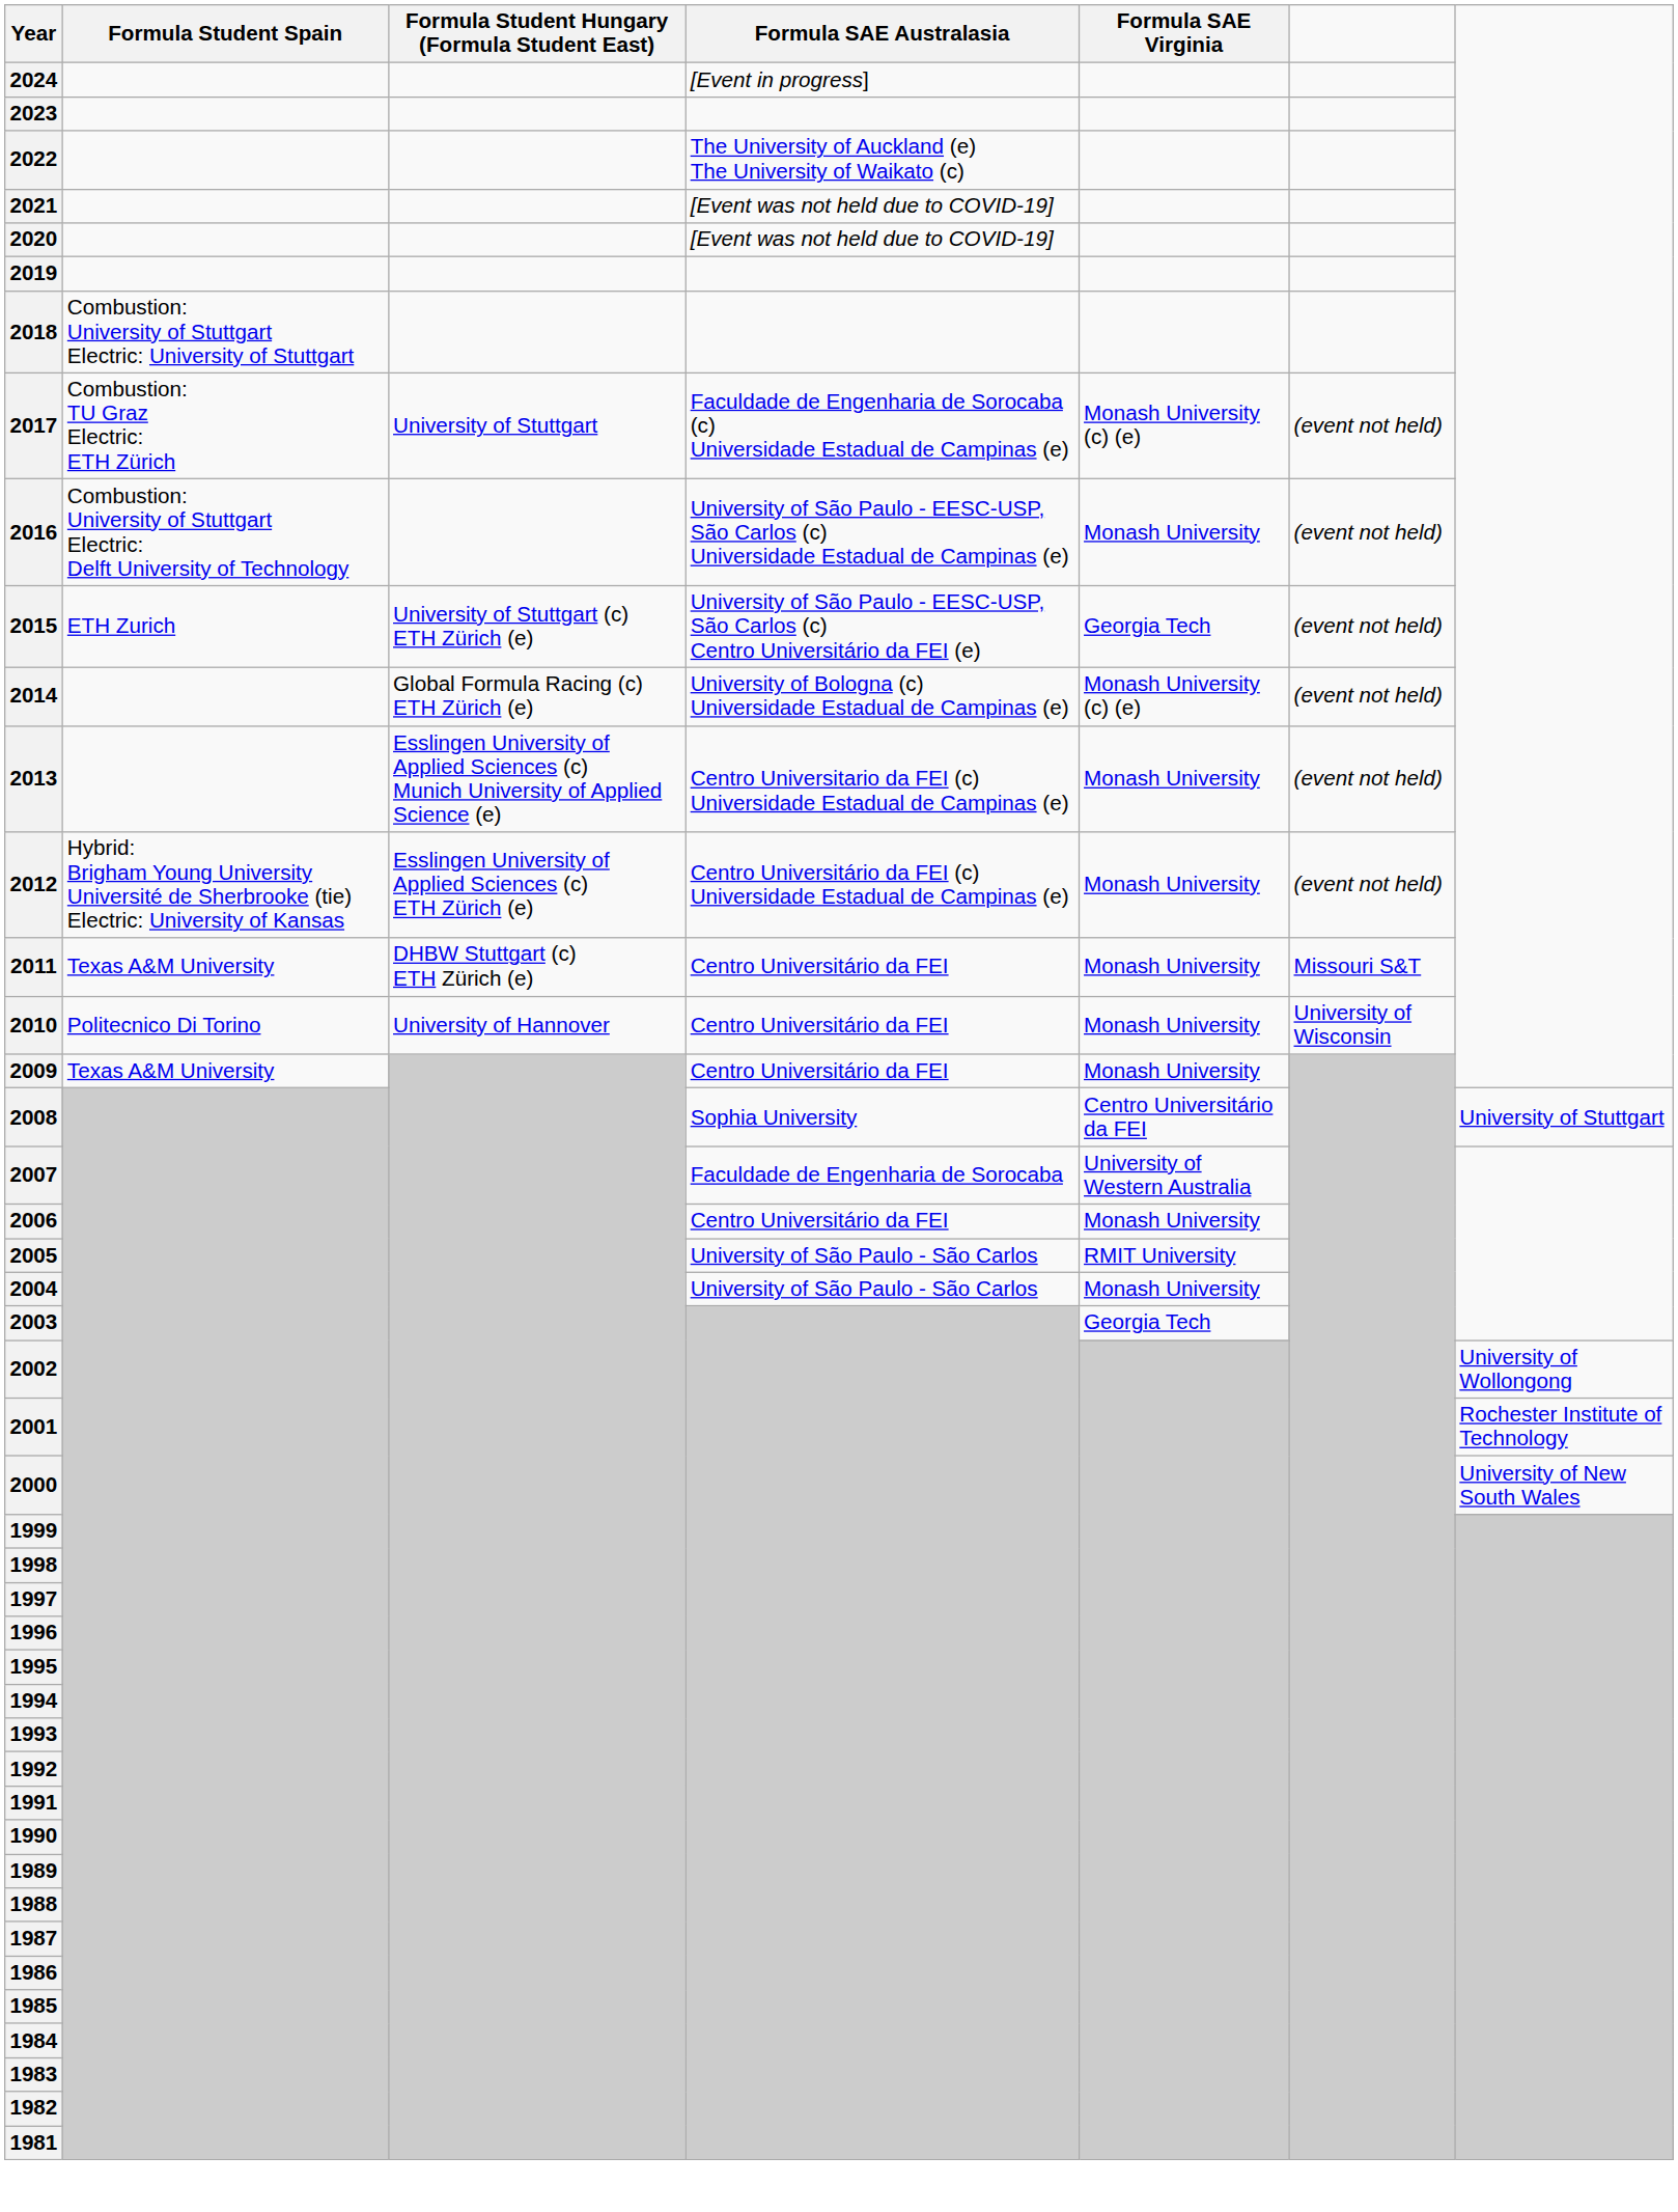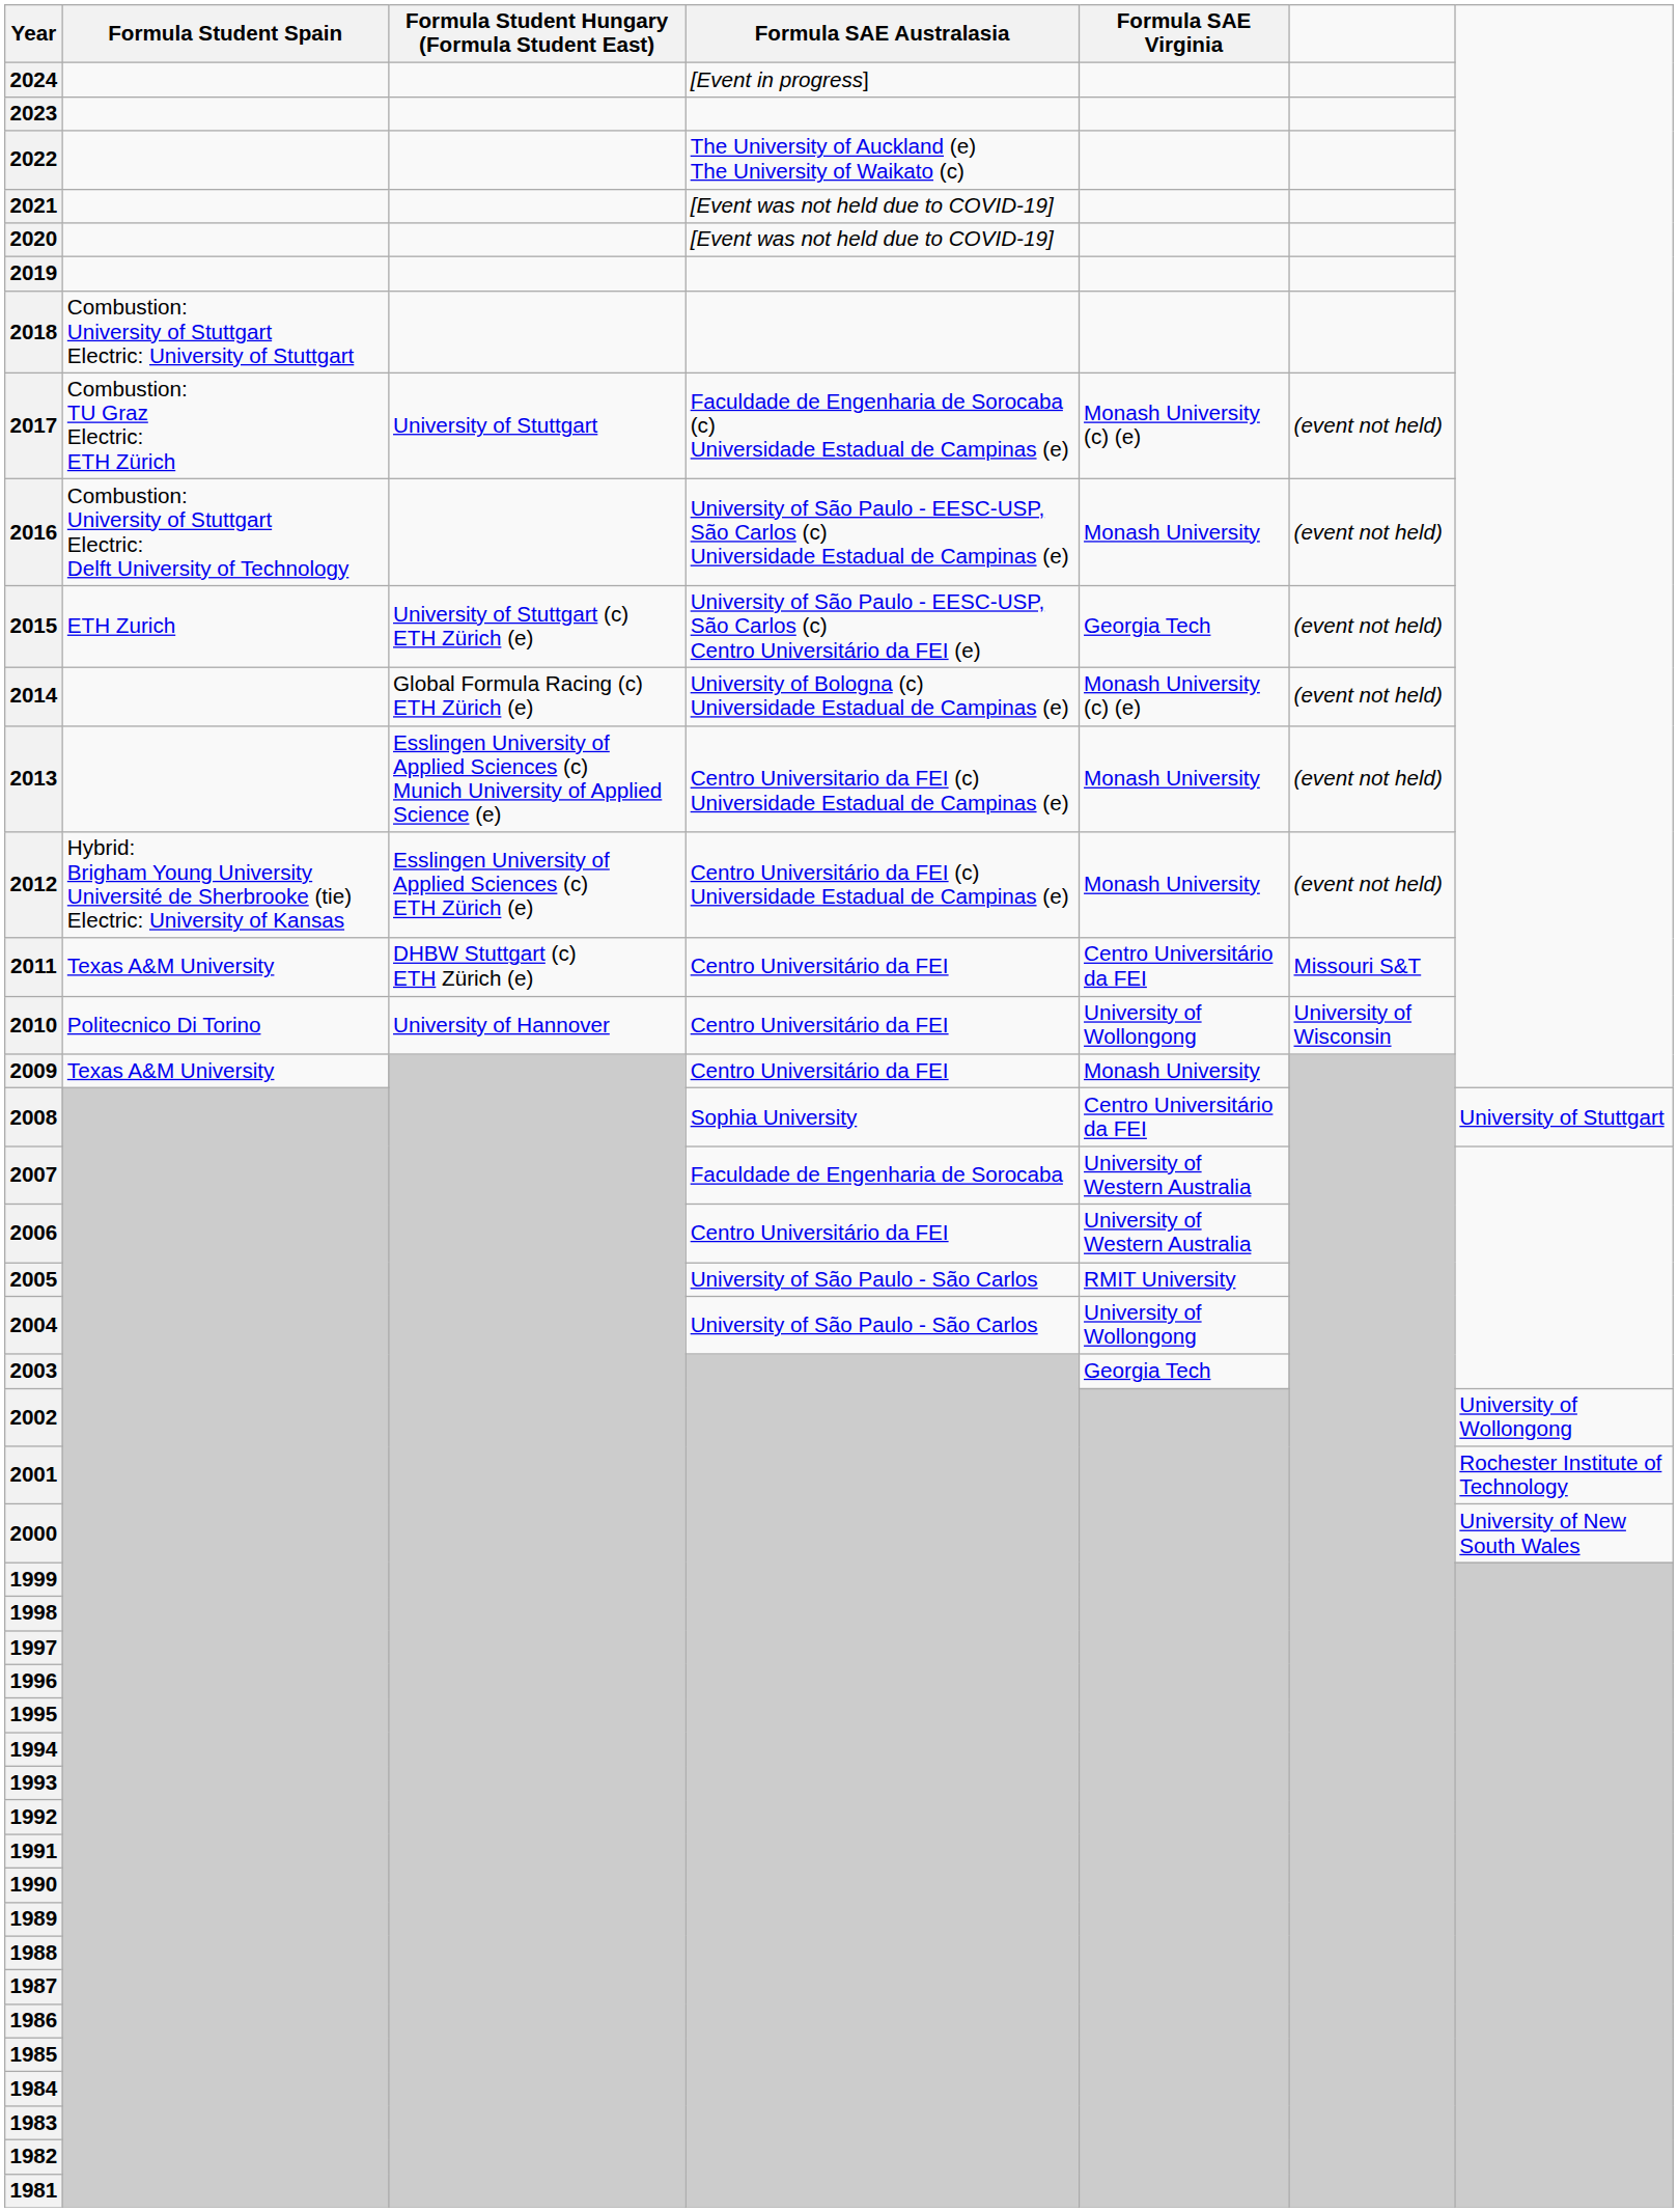 <table class="wikitable">
 <tr>
 <th>Year</th>
 <th> Formula Student Spain</th>
 <th> Formula Student Hungary (Formula Student East)</th>
 <th> Formula SAE Australasia</th>
 <th> Formula SAE Virginia</th>
 <td></td>
 </tr>
 <tr>
 <th>2024</th>
 <td></td>
 <td></td>
 <td><em>[Event in progress</em>]</td>
 <td></td>
 <td></td>
 </tr>
 <tr>
 <th>2023</th>
 <td></td>
 <td></td>
 <td></td>
 <td></td>
 <td></td>
 </tr>
 <tr>
 <th>2022</th>
 <td></td>
 <td></td>
 <td><a href='#'>The University of Auckland</a> (e)<br><a href='#'>The University of Waikato</a> (c)</td>
 <td></td>
 <td></td>
 </tr>
 <tr>
 <th>2021</th>
 <td></td>
 <td></td>
 <td><em>[Event was not held due to COVID-19]</em></td>
 <td></td>
 <td></td>
 </tr>
 <tr>
 <th>2020</th>
 <td></td>
 <td></td>
 <td><em>[Event was not held due to COVID-19]</em></td>
 <td></td>
 <td></td>
 </tr>
 <tr>
 <th>2019</th>
 <td></td>
 <td></td>
 <td></td>
 <td></td>
 <td></td>
 </tr>
 <tr>
 <th>2018</th>
 <td>Combustion:<br> <a href='#'>University of Stuttgart</a><br>Electric:  <a href='#'>University of Stuttgart</a></td>
 <td></td>
 <td></td>
 <td></td>
 <td></td>
 </tr>
 <tr>
 <th>2017</th>
 <td>Combustion:<br> <a href='#'>TU Graz</a><br>Electric:<br> <a href='#'>ETH Zürich</a></td>
 <td> <a href='#'>University of Stuttgart</a></td>
 <td> <a href='#'>Faculdade de Engenharia de Sorocaba</a> (c)<br> <a href='#'>Universidade Estadual de Campinas</a> (e)</td>
 <td> <a href='#'>Monash University</a> (c) (e)</td>
 <td><em>(event not held)</em></td>
 </tr>
 <tr>
 <th>2016</th>
 <td>Combustion:<br> <a href='#'>University of Stuttgart</a><br>Electric:<br> <a href='#'>Delft University of Technology</a></td>
 <td></td>
 <td> <a href='#'>University of São Paulo - EESC-USP, São Carlos</a> (c)<br> <a href='#'>Universidade Estadual de Campinas</a> (e)</td>
 <td> <a href='#'>Monash University</a></td>
 <td><em>(event not held)</em></td>
 </tr>
 <tr>
 <th>2015</th>
 <td> <a href='#'>ETH Zurich</a></td>
 <td> <a href='#'>University of Stuttgart</a> (c)<br> <a href='#'>ETH Zürich</a> (e)</td>
 <td> <a href='#'>University of São Paulo - EESC-USP, São Carlos</a> (c)<br> <a href='#'>Centro Universitário da FEI</a> (e)</td>
 <td> <a href='#'>Georgia Tech</a></td>
 <td><em>(event not held)</em></td>
 </tr>
 <tr>
 <th>2014</th>
 <td></td>
 <td>  Global Formula Racing (c)<br> <a href='#'>ETH Zürich</a> (e)</td>
 <td> <a href='#'>University of Bologna</a> (c)<br> <a href='#'>Universidade Estadual de Campinas</a> (e)</td>
 <td> <a href='#'>Monash University</a> (c) (e)</td>
 <td><em>(event not held)</em></td>
 </tr>
 <tr>
 <th>2013</th>
 <td></td>
 <td> <a href='#'>Esslingen University of Applied Sciences</a> (c)<br> <a href='#'>Munich University of Applied Science</a> (e)</td>
 <td><br> <a href='#'>Centro Universitario da FEI</a> (c)  <a href='#'>Universidade Estadual de Campinas</a> (e)</td>
 <td> <a href='#'>Monash University</a></td>
 <td><em>(event not held)</em></td>
 </tr>
 <tr>
 <th>2012</th>
 <td>Hybrid:<br> <a href='#'>Brigham Young University</a>  <a href='#'>Université de Sherbrooke</a> (tie)<br>Electric:  <a href='#'>University of Kansas</a></td>
 <td> <a href='#'>Esslingen University of Applied Sciences</a> (c)<br> <a href='#'>ETH Zürich</a> (e)</td>
 <td> <a href='#'>Centro Universitário da FEI</a> (c)<br> <a href='#'>Universidade Estadual de Campinas</a> (e)</td>
 <td> <a href='#'>Monash University</a></td>
 <td><em>(event not held)</em></td>
 </tr>
 <tr>
 <th>2011</th>
 <td> <a href='#'>Texas A&M University</a></td>
 <td> <a href='#'>DHBW Stuttgart</a> (c)<br> <a href='#'>ETH</a> Zürich (e)</td>
 <td> <a href='#'>Centro Universitário da FEI</a></td>
-<td> <a href='#'>Monash University</a></td>
+<td> <a href='#'>Centro Universitário da FEI</a></td>
 <td> <a href='#'>Missouri S&T</a></td>
 </tr>
 <tr>
 <th>2010</th>
 <td> <a href='#'>Politecnico Di Torino</a></td>
 <td> <a href='#'>University of Hannover</a></td>
 <td> <a href='#'>Centro Universitário da FEI</a></td>
-<td> <a href='#'>Monash University</a></td>
+<td> <a href='#'>University of Wollongong</a></td>
 <td> <a href='#'>University of Wisconsin</a></td>
 </tr>
 <tr>
 <th>2009</th>
 <td> <a href='#'>Texas A&M University</a></td>
 <td rowspan="29" style="background:#CCC;"></td>
 <td> <a href='#'>Centro Universitário da FEI</a></td>
 <td> <a href='#'>Monash University</a></td>
 <td rowspan="29" style="background:#CCC;"></td>
 </tr>
 <tr>
 <th>2008</th>
 <td rowspan="28" style="background:#CCC;"></td>
 <td> <a href='#'>Sophia University</a></td>
 <td> <a href='#'>Centro Universitário da FEI</a></td>
 <td> <a href='#'>University of Stuttgart</a></td>
 </tr>
 <tr>
 <th>2007</th>
 <td> <a href='#'>Faculdade de Engenharia de Sorocaba</a></td>
 <td> <a href='#'>University of Western Australia</a></td>
 </tr>
 <tr>
 <th>2006</th>
 <td> <a href='#'>Centro Universitário da FEI</a></td>
-<td> <a href='#'>Monash University</a></td>
+<td> <a href='#'>University of Western Australia</a></td>
 </tr>
 <tr>
 <th>2005</th>
 <td> <a href='#'>University of São Paulo - São Carlos</a></td>
 <td> <a href='#'>RMIT University</a></td>
 </tr>
 <tr>
 <th>2004</th>
 <td> <a href='#'>University of São Paulo - São Carlos</a></td>
-<td> <a href='#'>Monash University</a></td>
+<td> <a href='#'>University of Wollongong</a></td>
 </tr>
 <tr>
 <th>2003</th>
 <td rowspan="23" style="background:#CCC;"></td>
 <td> <a href='#'>Georgia Tech</a></td>
 </tr>
 <tr>
 <th>2002</th>
 <td rowspan="22" style="background:#CCC;"></td>
 <td> <a href='#'>University of Wollongong</a></td>
 </tr>
 <tr>
 <th>2001</th>
 <td> <a href='#'>Rochester Institute of Technology</a></td>
 </tr>
 <tr>
 <th>2000</th>
 <td> <a href='#'>University of New South Wales</a></td>
 </tr>
 <tr>
 <th>1999</th>
 <td rowspan="19" style="background:#CCC;"></td>
 </tr>
 <tr>
 <th>1998</th>
 </tr>
 <tr>
 <th>1997</th>
 </tr>
 <tr>
 <th>1996</th>
 </tr>
 <tr>
 <th>1995</th>
 </tr>
 <tr>
 <th>1994</th>
 </tr>
 <tr>
 <th>1993</th>
 </tr>
 <tr>
 <th>1992</th>
 </tr>
 <tr>
 <th>1991</th>
 </tr>
 <tr>
 <th>1990</th>
 </tr>
 <tr>
 <th>1989</th>
 </tr>
 <tr>
 <th>1988</th>
 </tr>
 <tr>
 <th>1987</th>
 </tr>
 <tr>
 <th>1986</th>
 </tr>
 <tr>
 <th>1985</th>
 </tr>
 <tr>
 <th>1984</th>
 </tr>
 <tr>
 <th>1983</th>
 </tr>
 <tr>
 <th>1982</th>
 </tr>
 <tr>
 <th>1981</th>
 </tr>
 </table>
